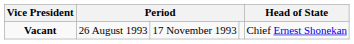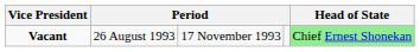 <table class="wikitable" style="text-align:center">
 <tr>
 <th>Vice President</th>
 <th colspan="3">Period</th>
 <th>Head of State</th>
 </tr>
 <tr>
 <td><strong>Vacant</strong></td>
 <td>26 August 1993</td>
 <td>17 November 1993</td>
 <td></td>
-<td>Chief <a href='#'>Ernest Shonekan</a></td>
+<td style="background: lightgreen;">Chief <a href='#'>Ernest Shonekan</a></td>
 </tr>
 </table>
